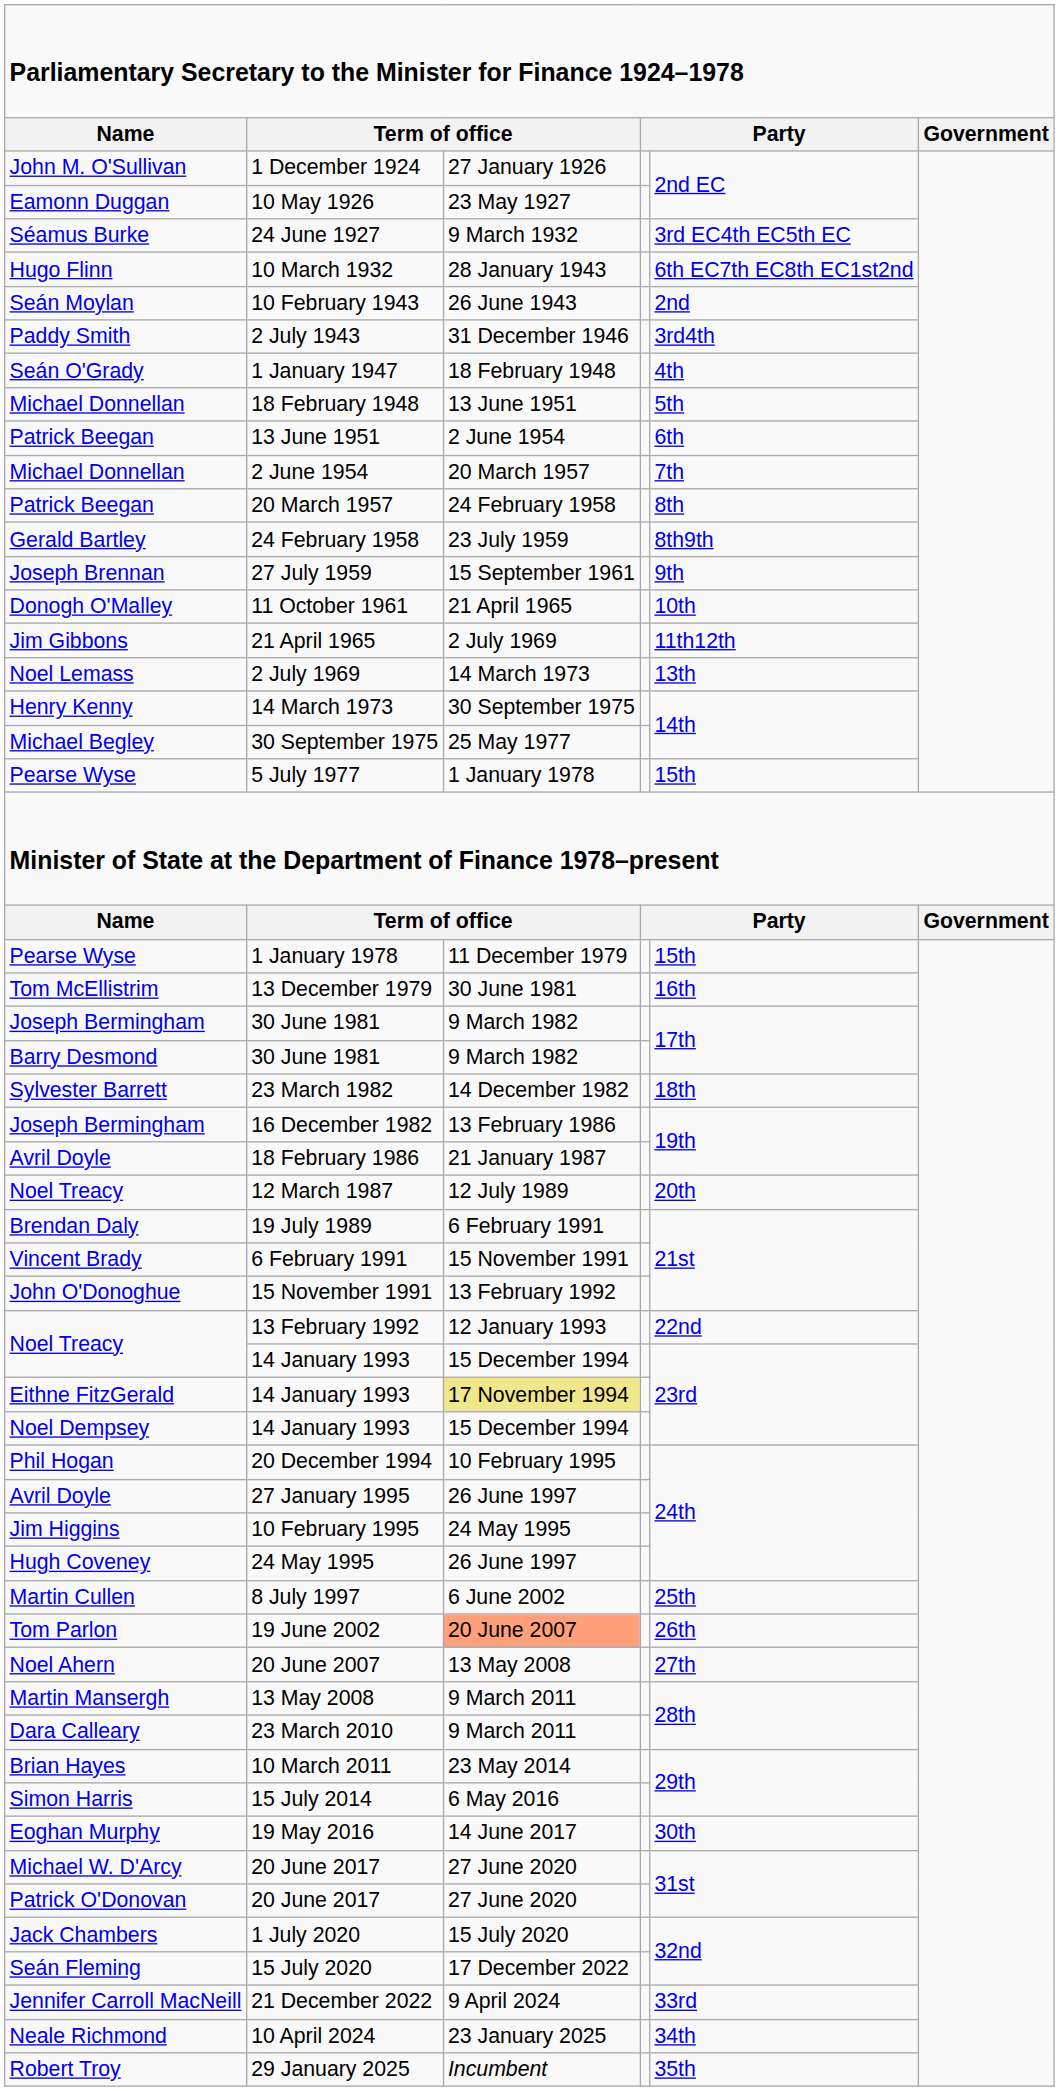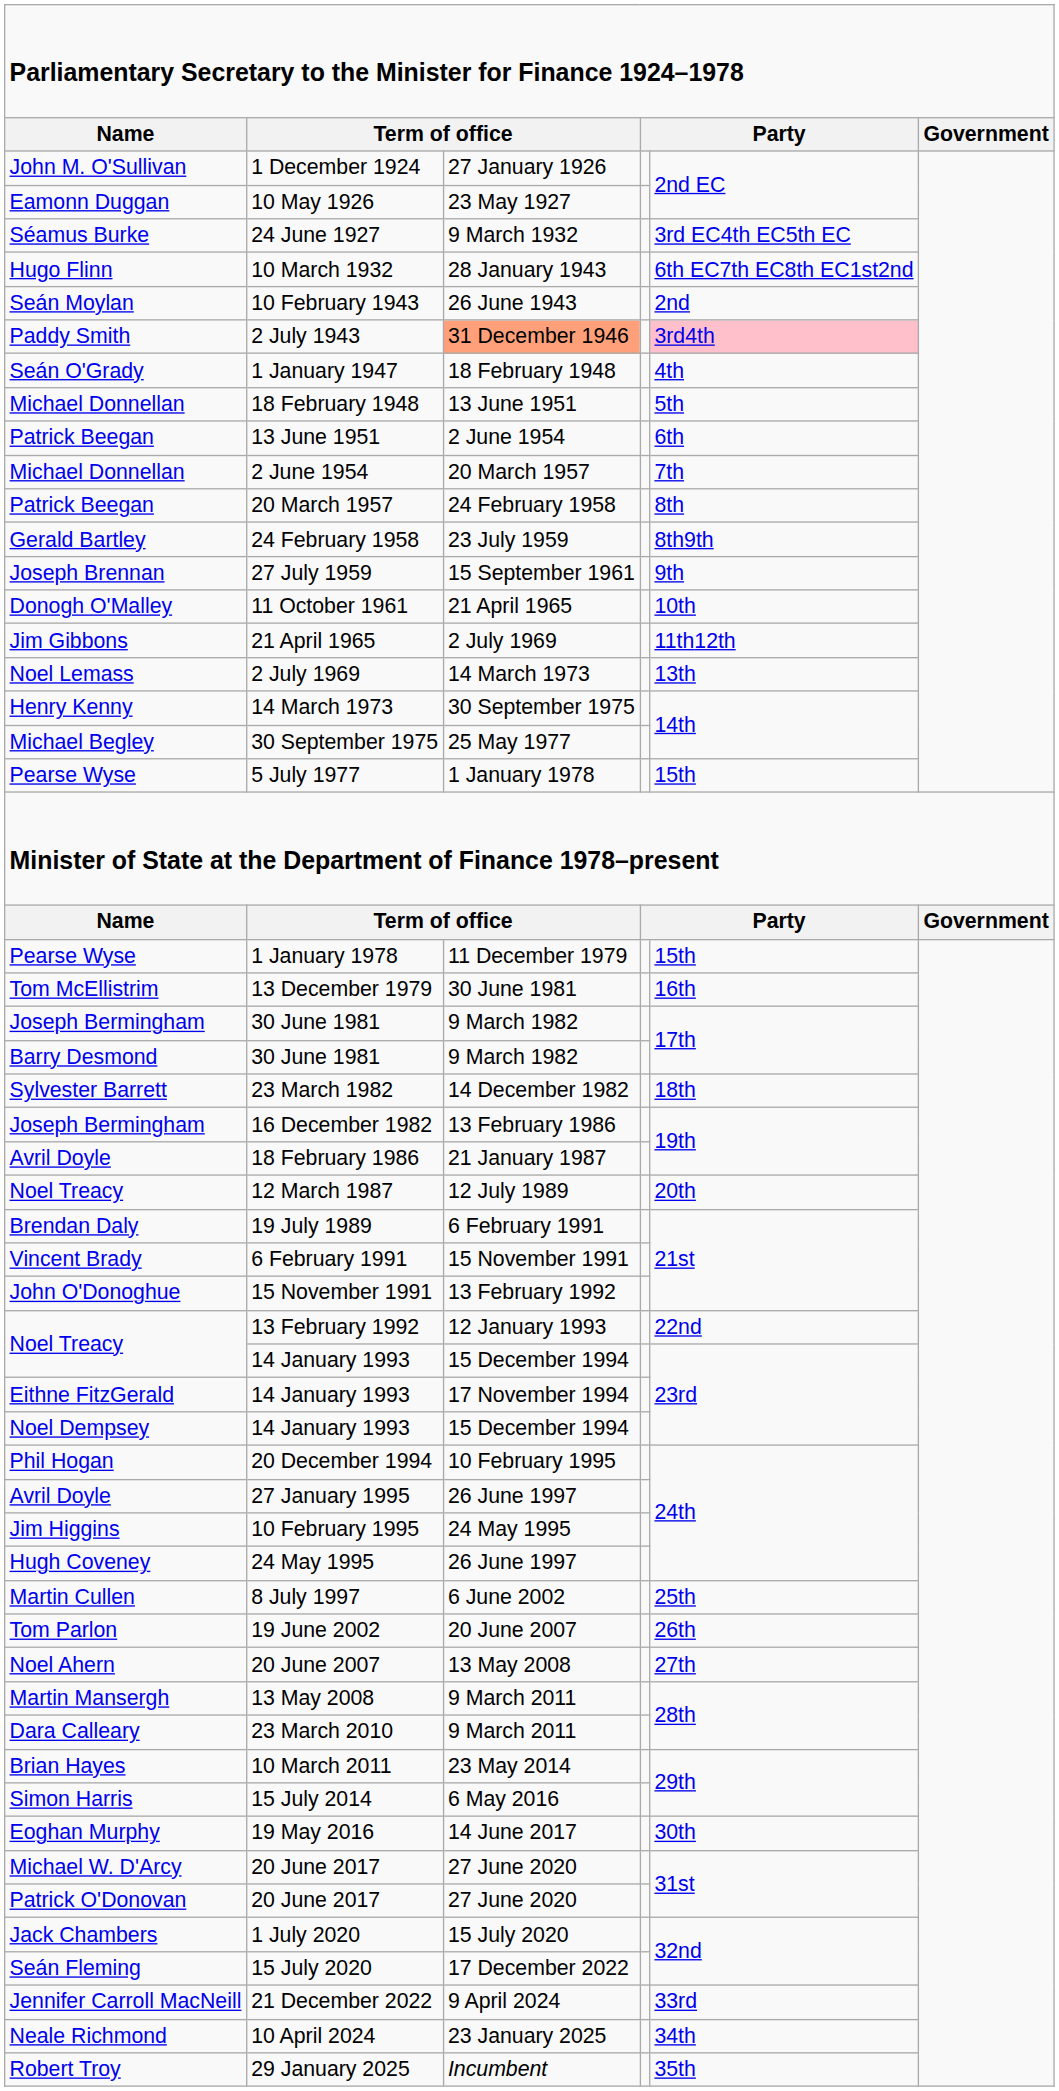 <table class="wikitable">
 <tr>
 <td colspan=6><br><h3>Parliamentary Secretary to the Minister for Finance 1924–1978</h3></td>
 </tr>
 <tr>
 <th>Name</th>
 <th colspan=2>Term of office</th>
 <th colspan=2>Party</th>
 <th>Government</th>
 </tr>
 <tr>
 <td><a href='#'>John M. O'Sullivan</a></td>
 <td>1 December 1924</td>
 <td>27 January 1926</td>
 <td></td>
 <td rowspan=2><a href='#'>2nd EC</a></td>
 </tr>
 <tr>
 <td><a href='#'>Eamonn Duggan</a></td>
 <td>10 May 1926</td>
 <td>23 May 1927</td>
 <td></td>
 </tr>
 <tr>
 <td><a href='#'>Séamus Burke</a></td>
 <td>24 June 1927</td>
 <td>9 March 1932</td>
 <td></td>
 <td><a href='#'>3rd EC</a><a href='#'>4th EC</a><a href='#'>5th EC</a></td>
 </tr>
 <tr>
 <td><a href='#'>Hugo Flinn</a></td>
 <td>10 March 1932</td>
 <td>28 January 1943</td>
 <td></td>
 <td><a href='#'>6th EC</a><a href='#'>7th EC</a><a href='#'>8th EC</a><a href='#'>1st</a><a href='#'>2nd</a></td>
 </tr>
 <tr>
 <td><a href='#'>Seán Moylan</a></td>
 <td>10 February 1943</td>
 <td>26 June 1943</td>
 <td></td>
 <td><a href='#'>2nd</a></td>
 </tr>
 <tr>
 <td><a href='#'>Paddy Smith</a></td>
 <td>2 July 1943</td>
-<td>31 December 1946</td>
+<td style="background: lightsalmon;">31 December 1946</td>
 <td></td>
-<td><a href='#'>3rd</a><a href='#'>4th</a></td>
+<td style="background: pink;"><a href='#'>3rd</a><a href='#'>4th</a></td>
 </tr>
 <tr>
 <td><a href='#'>Seán O'Grady</a></td>
 <td>1 January 1947</td>
 <td>18 February 1948</td>
 <td></td>
 <td><a href='#'>4th</a></td>
 </tr>
 <tr>
 <td><a href='#'>Michael Donnellan</a></td>
 <td>18 February 1948</td>
 <td>13 June 1951</td>
 <td></td>
 <td><a href='#'>5th</a></td>
 </tr>
 <tr>
 <td><a href='#'>Patrick Beegan</a></td>
 <td>13 June 1951</td>
 <td>2 June 1954</td>
 <td></td>
 <td><a href='#'>6th</a></td>
 </tr>
 <tr>
 <td><a href='#'>Michael Donnellan</a></td>
 <td>2 June 1954</td>
 <td>20 March 1957</td>
 <td></td>
 <td><a href='#'>7th</a></td>
 </tr>
 <tr>
 <td><a href='#'>Patrick Beegan</a></td>
 <td>20 March 1957</td>
 <td>24 February 1958</td>
 <td></td>
 <td><a href='#'>8th</a></td>
 </tr>
 <tr>
 <td><a href='#'>Gerald Bartley</a></td>
 <td>24 February 1958</td>
 <td>23 July 1959</td>
 <td></td>
 <td><a href='#'>8th</a><a href='#'>9th</a></td>
 </tr>
 <tr>
 <td><a href='#'>Joseph Brennan</a></td>
 <td>27 July 1959</td>
 <td>15 September 1961</td>
 <td></td>
 <td><a href='#'>9th</a></td>
 </tr>
 <tr>
 <td><a href='#'>Donogh O'Malley</a></td>
 <td>11 October 1961</td>
 <td>21 April 1965</td>
 <td></td>
 <td><a href='#'>10th</a></td>
 </tr>
 <tr>
 <td><a href='#'>Jim Gibbons</a></td>
 <td>21 April 1965</td>
 <td>2 July 1969</td>
 <td></td>
 <td><a href='#'>11th</a><a href='#'>12th</a></td>
 </tr>
 <tr>
 <td><a href='#'>Noel Lemass</a></td>
 <td>2 July 1969</td>
 <td>14 March 1973</td>
 <td></td>
 <td><a href='#'>13th</a></td>
 </tr>
 <tr>
 <td><a href='#'>Henry Kenny</a></td>
 <td>14 March 1973</td>
 <td>30 September 1975</td>
 <td></td>
 <td rowspan=2><a href='#'>14th</a></td>
 </tr>
 <tr>
 <td><a href='#'>Michael Begley</a></td>
 <td>30 September 1975</td>
 <td>25 May 1977</td>
 <td></td>
 </tr>
 <tr>
 <td><a href='#'>Pearse Wyse</a></td>
 <td>5 July 1977</td>
 <td>1 January 1978</td>
 <td></td>
 <td><a href='#'>15th</a></td>
 </tr>
 <tr>
 <td colspan=6><br><h3>Minister of State at the Department of Finance 1978–present</h3></td>
 </tr>
 <tr>
 <th>Name</th>
 <th colspan=2>Term of office</th>
 <th colspan=2>Party</th>
 <th>Government</th>
 </tr>
 <tr>
 <td><a href='#'>Pearse Wyse</a></td>
 <td>1 January 1978</td>
 <td>11 December 1979</td>
 <td></td>
 <td><a href='#'>15th</a></td>
 </tr>
 <tr>
 <td><a href='#'>Tom McEllistrim</a></td>
 <td>13 December 1979</td>
 <td>30 June 1981</td>
 <td></td>
 <td><a href='#'>16th</a></td>
 </tr>
 <tr>
 <td><a href='#'>Joseph Bermingham</a></td>
 <td>30 June 1981</td>
 <td>9 March 1982</td>
 <td></td>
 <td rowspan=2><a href='#'>17th</a></td>
 </tr>
 <tr>
 <td><a href='#'>Barry Desmond</a></td>
 <td>30 June 1981</td>
 <td>9 March 1982</td>
 <td></td>
 </tr>
 <tr>
 <td><a href='#'>Sylvester Barrett</a></td>
 <td>23 March 1982</td>
 <td>14 December 1982</td>
 <td></td>
 <td><a href='#'>18th</a></td>
 </tr>
 <tr>
 <td><a href='#'>Joseph Bermingham</a></td>
 <td>16 December 1982</td>
 <td>13 February 1986</td>
 <td></td>
 <td rowspan=2><a href='#'>19th</a></td>
 </tr>
 <tr>
 <td><a href='#'>Avril Doyle</a></td>
 <td>18 February 1986</td>
 <td>21 January 1987</td>
 <td></td>
 </tr>
 <tr>
 <td><a href='#'>Noel Treacy</a></td>
 <td>12 March 1987</td>
 <td>12 July 1989</td>
 <td></td>
 <td><a href='#'>20th</a></td>
 </tr>
 <tr>
 <td><a href='#'>Brendan Daly</a></td>
 <td>19 July 1989</td>
 <td>6 February 1991</td>
 <td></td>
 <td rowspan=3><a href='#'>21st</a></td>
 </tr>
 <tr>
 <td><a href='#'>Vincent Brady</a></td>
 <td>6 February 1991</td>
 <td>15 November 1991</td>
 <td></td>
 </tr>
 <tr>
 <td><a href='#'>John O'Donoghue</a></td>
 <td>15 November 1991</td>
 <td>13 February 1992</td>
 <td></td>
 </tr>
 <tr>
 <td rowspan=2><a href='#'>Noel Treacy</a></td>
 <td>13 February 1992</td>
 <td>12 January 1993</td>
 <td></td>
 <td><a href='#'>22nd</a></td>
 </tr>
 <tr>
 <td>14 January 1993</td>
 <td>15 December 1994</td>
 <td></td>
 <td rowspan=3><a href='#'>23rd</a></td>
 </tr>
 <tr>
 <td><a href='#'>Eithne FitzGerald</a></td>
 <td>14 January 1993</td>
-<td style="background: khaki;">17 November 1994</td>
+<td>17 November 1994</td>
 <td></td>
 </tr>
 <tr>
 <td><a href='#'>Noel Dempsey</a></td>
 <td>14 January 1993</td>
 <td>15 December 1994</td>
 <td></td>
 </tr>
 <tr>
 <td><a href='#'>Phil Hogan</a></td>
 <td>20 December 1994</td>
 <td>10 February 1995</td>
 <td></td>
 <td rowspan=4><a href='#'>24th</a></td>
 </tr>
 <tr>
 <td><a href='#'>Avril Doyle</a></td>
 <td>27 January 1995</td>
 <td>26 June 1997</td>
 <td></td>
 </tr>
 <tr>
 <td><a href='#'>Jim Higgins</a></td>
 <td>10 February 1995</td>
 <td>24 May 1995</td>
 <td></td>
 </tr>
 <tr>
 <td><a href='#'>Hugh Coveney</a></td>
 <td>24 May 1995</td>
 <td>26 June 1997</td>
 <td></td>
 </tr>
 <tr>
 <td><a href='#'>Martin Cullen</a></td>
 <td>8 July 1997</td>
 <td>6 June 2002</td>
 <td></td>
 <td><a href='#'>25th</a></td>
 </tr>
 <tr>
 <td><a href='#'>Tom Parlon</a></td>
 <td>19 June 2002</td>
-<td style="background: lightsalmon;">20 June 2007</td>
+<td>20 June 2007</td>
 <td></td>
 <td><a href='#'>26th</a></td>
 </tr>
 <tr>
 <td><a href='#'>Noel Ahern</a></td>
 <td>20 June 2007</td>
 <td>13 May 2008</td>
 <td></td>
 <td><a href='#'>27th</a></td>
 </tr>
 <tr>
 <td><a href='#'>Martin Mansergh</a></td>
 <td>13 May 2008</td>
 <td>9 March 2011</td>
 <td></td>
 <td rowspan=2><a href='#'>28th</a></td>
 </tr>
 <tr>
 <td><a href='#'>Dara Calleary</a></td>
 <td>23 March 2010</td>
 <td>9 March 2011</td>
 <td></td>
 </tr>
 <tr>
 <td><a href='#'>Brian Hayes</a></td>
 <td>10 March 2011</td>
 <td>23 May 2014</td>
 <td></td>
 <td rowspan=2><a href='#'>29th</a></td>
 </tr>
 <tr>
 <td><a href='#'>Simon Harris</a></td>
 <td>15 July 2014</td>
 <td>6 May 2016</td>
 <td></td>
 </tr>
 <tr>
 <td><a href='#'>Eoghan Murphy</a></td>
 <td>19 May 2016</td>
 <td>14 June 2017</td>
 <td></td>
 <td><a href='#'>30th</a></td>
 </tr>
 <tr>
 <td><a href='#'>Michael W. D'Arcy</a></td>
 <td>20 June 2017</td>
 <td>27 June 2020</td>
 <td></td>
 <td rowspan=2><a href='#'>31st</a></td>
 </tr>
 <tr>
 <td><a href='#'>Patrick O'Donovan</a></td>
 <td>20 June 2017</td>
 <td>27 June 2020</td>
 <td></td>
 </tr>
 <tr>
 <td><a href='#'>Jack Chambers</a></td>
 <td>1 July 2020</td>
 <td>15 July 2020</td>
 <td></td>
 <td rowspan=2><a href='#'>32nd</a></td>
 </tr>
 <tr>
 <td><a href='#'>Seán Fleming</a></td>
 <td>15 July 2020</td>
 <td>17 December 2022</td>
 <td></td>
 </tr>
 <tr>
 <td><a href='#'>Jennifer Carroll MacNeill</a></td>
 <td>21 December 2022</td>
 <td>9 April 2024</td>
 <td></td>
 <td><a href='#'>33rd</a></td>
 </tr>
 <tr>
 <td><a href='#'>Neale Richmond</a></td>
 <td>10 April 2024</td>
 <td>23 January 2025</td>
 <td></td>
 <td><a href='#'>34th</a></td>
 </tr>
 <tr>
 <td><a href='#'>Robert Troy</a></td>
 <td>29 January 2025</td>
 <td><em>Incumbent</em></td>
 <td></td>
 <td><a href='#'>35th</a></td>
 </tr>
 </table>
